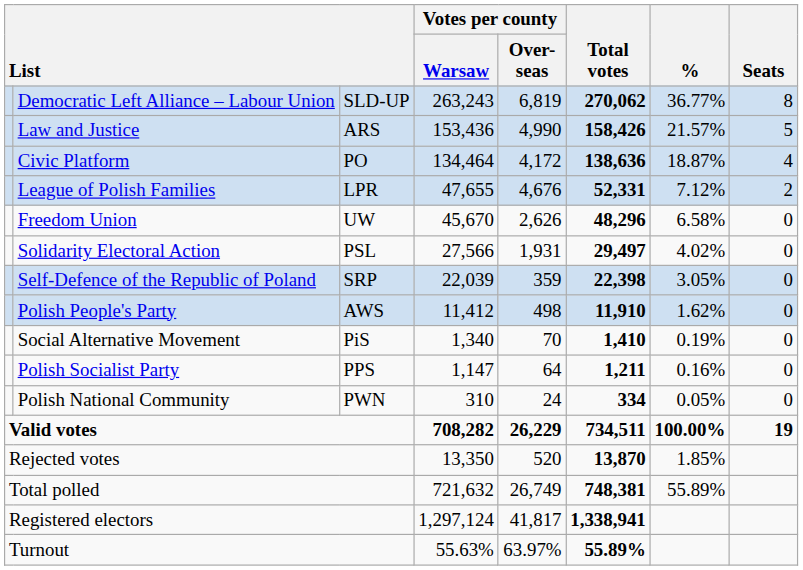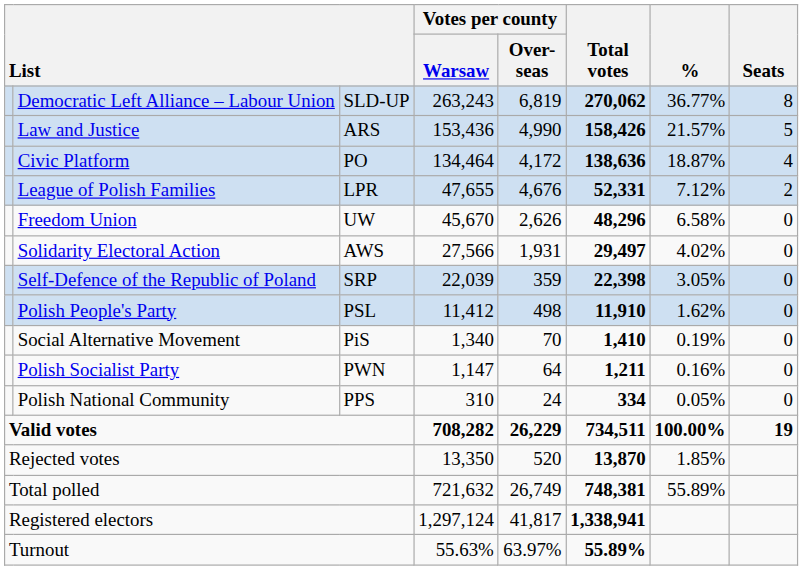 <table class="wikitable" border="1" style="text-align:right;">
 <tr>
 <th style="text-align:left;" valign=bottom rowspan=2 colspan=3>List</th>
 <th colspan=2>Votes per county</th>
 <th align=center valign=bottom rowspan=2 width="50">Total<br>votes</th>
 <th align=center valign=bottom rowspan=2 width="50">%</th>
 <th align=center valign=bottom rowspan=2 width="50">Seats</th>
 </tr>
 <tr>
 <th align=center valign=bottom width="50"><a href='#'>Warsaw</a></th>
 <th align=center valign=bottom width="50">Over-<br>seas</th>
 </tr>
 <tr style="background:#CEE0F2;">
 <td></td>
 <td align=left style="white-space: nowrap;"><a href='#'>Democratic Left Alliance – Labour Union</a></td>
 <td align=left>SLD-UP</td>
 <td>263,243</td>
 <td>6,819</td>
 <td><strong>270,062</strong></td>
 <td>36.77%</td>
 <td>8</td>
 </tr>
 <tr style="background:#CEE0F2;">
 <td></td>
 <td align=left><a href='#'>Law and Justice</a></td>
 <td align=left>ARS</td>
 <td>153,436</td>
 <td>4,990</td>
 <td><strong>158,426</strong></td>
 <td>21.57%</td>
 <td>5</td>
 </tr>
 <tr style="background:#CEE0F2;">
 <td></td>
 <td align=left><a href='#'>Civic Platform</a></td>
 <td align=left>PO</td>
 <td>134,464</td>
 <td>4,172</td>
 <td><strong>138,636</strong></td>
 <td>18.87%</td>
 <td>4</td>
 </tr>
 <tr style="background:#CEE0F2;">
 <td></td>
 <td align=left><a href='#'>League of Polish Families</a></td>
 <td align=left>LPR</td>
 <td>47,655</td>
 <td>4,676</td>
 <td><strong>52,331</strong></td>
 <td>7.12%</td>
 <td>2</td>
 </tr>
 <tr>
 <td></td>
 <td align=left><a href='#'>Freedom Union</a></td>
 <td align=left>UW</td>
 <td>45,670</td>
 <td>2,626</td>
 <td><strong>48,296</strong></td>
 <td>6.58%</td>
 <td>0</td>
 </tr>
 <tr>
 <td></td>
 <td align=left><a href='#'>Solidarity Electoral Action</a></td>
-<td align=left>PSL</td>
+<td align=left>AWS</td>
 <td>27,566</td>
 <td>1,931</td>
 <td><strong>29,497</strong></td>
 <td>4.02%</td>
 <td>0</td>
 </tr>
 <tr style="background:#CEE0F2;">
 <td></td>
 <td align=left><a href='#'>Self-Defence of the Republic of Poland</a></td>
 <td align=left>SRP</td>
 <td>22,039</td>
 <td>359</td>
 <td><strong>22,398</strong></td>
 <td>3.05%</td>
 <td>0</td>
 </tr>
 <tr style="background:#CEE0F2;">
 <td></td>
 <td align=left><a href='#'>Polish People's Party</a></td>
-<td align=left>AWS</td>
+<td align=left>PSL</td>
 <td>11,412</td>
 <td>498</td>
 <td><strong>11,910</strong></td>
 <td>1.62%</td>
 <td>0</td>
 </tr>
 <tr>
 <td></td>
 <td align=left>Social Alternative Movement</td>
 <td align=left>PiS</td>
 <td>1,340</td>
 <td>70</td>
 <td><strong>1,410</strong></td>
 <td>0.19%</td>
 <td>0</td>
 </tr>
 <tr>
 <td></td>
 <td align=left><a href='#'>Polish Socialist Party</a></td>
-<td align=left>PPS</td>
+<td align=left>PWN</td>
 <td>1,147</td>
 <td>64</td>
 <td><strong>1,211</strong></td>
 <td>0.16%</td>
 <td>0</td>
 </tr>
 <tr>
 <td></td>
 <td align=left>Polish National Community</td>
-<td align=left>PWN</td>
+<td align=left>PPS</td>
 <td>310</td>
 <td>24</td>
 <td><strong>334</strong></td>
 <td>0.05%</td>
 <td>0</td>
 </tr>
 <tr style="font-weight:bold">
 <td align=left colspan=3>Valid votes</td>
 <td>708,282</td>
 <td>26,229</td>
 <td>734,511</td>
 <td>100.00%</td>
 <td>19</td>
 </tr>
 <tr>
 <td align=left colspan=3>Rejected votes</td>
 <td>13,350</td>
 <td>520</td>
 <td><strong>13,870</strong></td>
 <td>1.85%</td>
 <td></td>
 </tr>
 <tr>
 <td align=left colspan=3>Total polled</td>
 <td>721,632</td>
 <td>26,749</td>
 <td><strong>748,381</strong></td>
 <td>55.89%</td>
 <td></td>
 </tr>
 <tr>
 <td align=left colspan=3>Registered electors</td>
 <td>1,297,124</td>
 <td>41,817</td>
 <td><strong>1,338,941</strong></td>
 <td></td>
 <td></td>
 </tr>
 <tr>
 <td align=left colspan=3>Turnout</td>
 <td>55.63%</td>
 <td>63.97%</td>
 <td><strong>55.89%</strong></td>
 <td></td>
 <td></td>
 </tr>
 </table>
